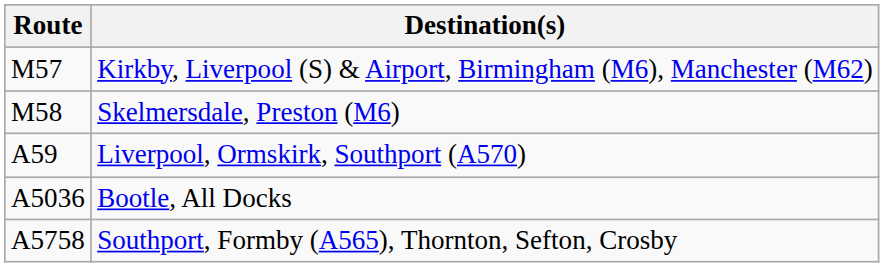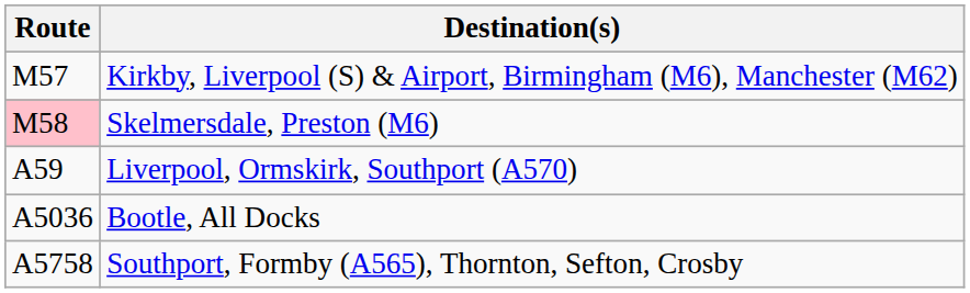 <table class="wikitable">
 <tr>
 <th>Route</th>
 <th>Destination(s)</th>
 </tr>
 <tr>
 <td>M57</td>
 <td><a href='#'>Kirkby</a>, <a href='#'>Liverpool</a> (S) & <a href='#'>Airport</a>, <a href='#'>Birmingham</a> (<a href='#'>M6</a>), <a href='#'>Manchester</a> (<a href='#'>M62</a>)</td>
 </tr>
 <tr>
-<td>M58</td>
+<td style="background: pink;">M58</td>
 <td><a href='#'>Skelmersdale</a>, <a href='#'>Preston</a> (<a href='#'>M6</a>)</td>
 </tr>
 <tr>
 <td>A59</td>
 <td><a href='#'>Liverpool</a>, <a href='#'>Ormskirk</a>, <a href='#'>Southport</a> (<a href='#'>A570</a>)</td>
 </tr>
 <tr>
 <td>A5036</td>
 <td><a href='#'>Bootle</a>, All Docks</td>
 </tr>
 <tr>
 <td>A5758</td>
 <td><a href='#'>Southport</a>, Formby (<a href='#'>A565</a>), Thornton, Sefton, Crosby</td>
 </tr>
 </table>
